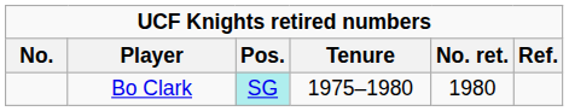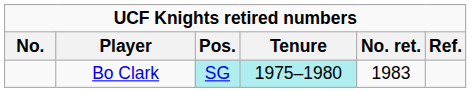 <table class="wikitable sortable" style="text-align:center">
 <tr>
 <td colspan=6><strong>UCF Knights retired numbers</strong></td>
 </tr>
 <tr>
 <th width=40px>No.</th>
 <th width=120px>Player</th>
 <th width=px>Pos.</th>
 <th width=100px>Tenure</th>
 <th width=px>No. ret.</th>
 <th width=px>Ref.</th>
 </tr>
 <tr>
 <td></td>
 <td><a href='#'>Bo Clark</a></td>
 <td style="background: paleturquoise;"><a href='#'>SG</a></td>
-<td>1975–1980</td>
-<td>1980</td>
+<td style="background: paleturquoise;">1975–1980</td>
+<td>1983</td>
 <td></td>
 </tr>
 </table>
